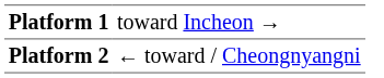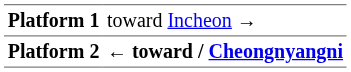 <table border="1" cellspacing="0" cellpadding="3" frame="hsides" rules="rows">
 <tr>
 <th><span>Platform 1</span></th>
 <td>  toward <a href='#'>Incheon</a> →</td>
 </tr>
 <tr>
 <th><span>Platform 2</span></th>
-<td>←  toward  / <a href='#'>Cheongnyangni</a></td>
+<td><strong>←  toward  / <a href='#'>Cheongnyangni</a></strong></td>
 </tr>
 </table>
